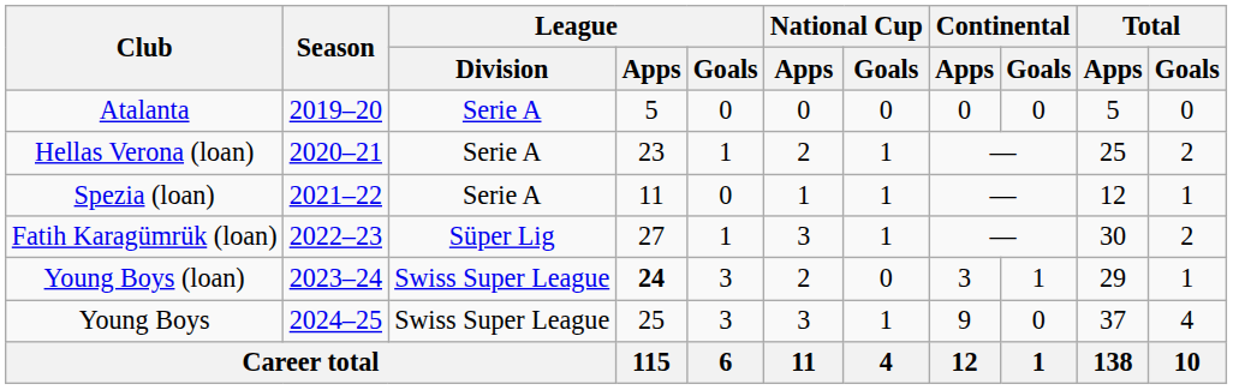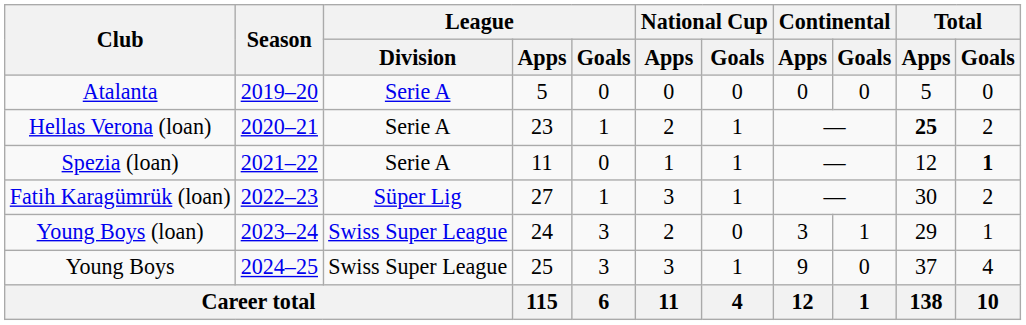 <table class="wikitable" style="text-align:center">
 <tr>
 <th rowspan="2">Club</th>
 <th rowspan="2">Season</th>
 <th colspan="3">League</th>
 <th colspan="2">National Cup</th>
 <th colspan="2">Continental</th>
 <th colspan="2">Total</th>
 </tr>
 <tr>
 <th>Division</th>
 <th>Apps</th>
 <th>Goals</th>
 <th>Apps</th>
 <th>Goals</th>
 <th>Apps</th>
 <th>Goals</th>
 <th>Apps</th>
 <th>Goals</th>
 </tr>
 <tr>
 <td><a href='#'>Atalanta</a></td>
 <td><a href='#'>2019–20</a></td>
 <td><a href='#'>Serie A</a></td>
 <td>5</td>
 <td>0</td>
 <td>0</td>
 <td>0</td>
 <td>0</td>
 <td>0</td>
 <td>5</td>
 <td>0</td>
 </tr>
 <tr>
 <td><a href='#'>Hellas Verona</a> (loan)</td>
 <td><a href='#'>2020–21</a></td>
 <td>Serie A</td>
 <td>23</td>
 <td>1</td>
 <td>2</td>
 <td>1</td>
 <td colspan="2">—</td>
-<td>25</td>
+<td><strong>25</strong></td>
 <td>2</td>
 </tr>
 <tr>
 <td><a href='#'>Spezia</a> (loan)</td>
 <td><a href='#'>2021–22</a></td>
 <td>Serie A</td>
 <td>11</td>
 <td>0</td>
 <td>1</td>
 <td>1</td>
 <td colspan="2">—</td>
 <td>12</td>
-<td>1</td>
+<td><strong>1</strong></td>
 </tr>
 <tr>
 <td><a href='#'>Fatih Karagümrük</a> (loan)</td>
 <td><a href='#'>2022–23</a></td>
 <td><a href='#'>Süper Lig</a></td>
 <td>27</td>
 <td>1</td>
 <td>3</td>
 <td>1</td>
 <td colspan="2">—</td>
 <td>30</td>
 <td>2</td>
 </tr>
 <tr>
 <td><a href='#'>Young Boys</a> (loan)</td>
 <td><a href='#'>2023–24</a></td>
 <td><a href='#'>Swiss Super League</a></td>
-<td><strong>24</strong></td>
+<td>24</td>
 <td>3</td>
 <td>2</td>
 <td>0</td>
 <td>3</td>
 <td>1</td>
 <td>29</td>
 <td>1</td>
 </tr>
 <tr>
 <td>Young Boys</td>
 <td><a href='#'>2024–25</a></td>
 <td>Swiss Super League</td>
 <td>25</td>
 <td>3</td>
 <td>3</td>
 <td>1</td>
 <td>9</td>
 <td>0</td>
 <td>37</td>
 <td>4</td>
 </tr>
 <tr>
 <th colspan="3">Career total</th>
 <th>115</th>
 <th>6</th>
 <th>11</th>
 <th>4</th>
 <th>12</th>
 <th>1</th>
 <th>138</th>
 <th>10</th>
 </tr>
 </table>
